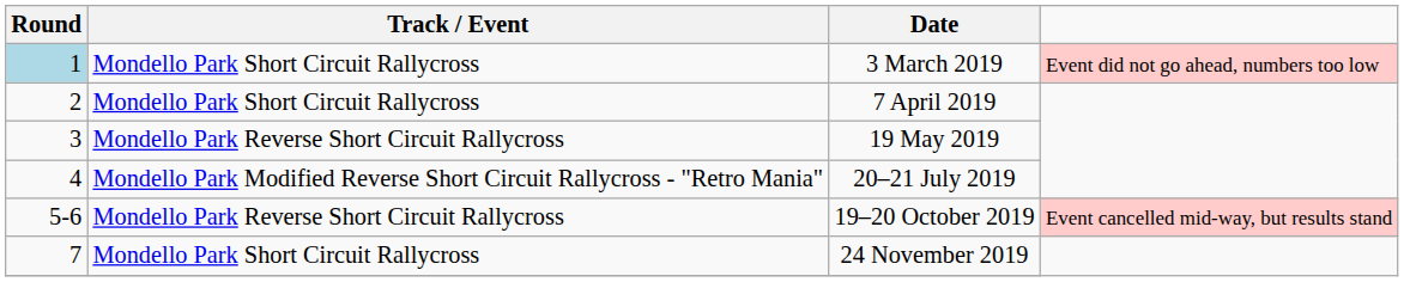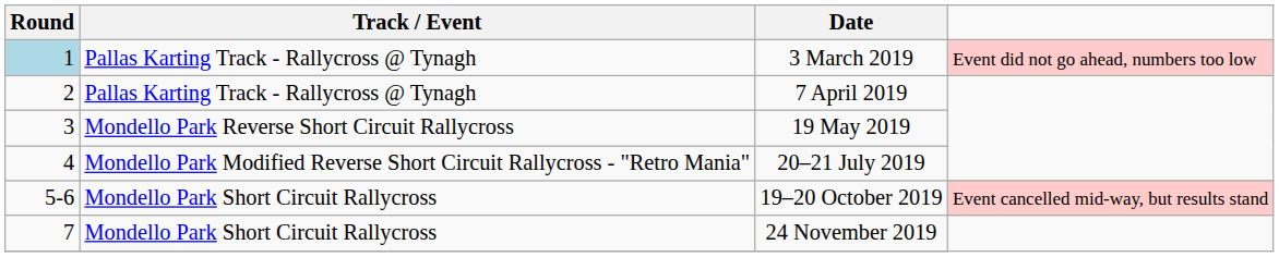 <table class="wikitable" style="text–align:centre">
 <tr>
 <th>Round</th>
 <th>Track / Event</th>
 <th>Date</th>
 </tr>
 <tr>
 <td align="right" style="background: lightblue;">1</td>
-<td align="left"><a href='#'>Mondello Park</a> Short Circuit Rallycross</td>
+<td align="left"><a href='#'>Pallas Karting</a> Track - Rallycross @ Tynagh</td>
 <td align="center">3 March 2019</td>
 <td style="background:#ffcccb;"><small>Event did not go ahead, numbers too low</small></td>
 </tr>
 <tr>
 <td align="right">2</td>
-<td align="left"><a href='#'>Mondello Park</a> Short Circuit Rallycross</td>
+<td align="left"><a href='#'>Pallas Karting</a> Track - Rallycross @ Tynagh</td>
 <td align="center">7 April 2019</td>
 </tr>
 <tr>
 <td align="right">3</td>
 <td align="left"><a href='#'>Mondello Park</a> Reverse Short Circuit Rallycross</td>
 <td align="center">19 May 2019</td>
 </tr>
 <tr>
 <td align="right">4</td>
 <td align="left"><a href='#'>Mondello Park</a> Modified Reverse Short Circuit Rallycross - "Retro Mania"</td>
 <td align="center">20–21 July 2019</td>
 </tr>
 <tr>
 <td align="right">5-6</td>
-<td align="left"><a href='#'>Mondello Park</a> Reverse Short Circuit Rallycross</td>
+<td align="left"><a href='#'>Mondello Park</a> Short Circuit Rallycross</td>
 <td align="center">19–20 October 2019</td>
 <td style="background:#ffcccb;"><small>Event cancelled mid-way, but results stand</small></td>
 </tr>
 <tr>
 <td align="right">7</td>
 <td align="left"><a href='#'>Mondello Park</a> Short Circuit Rallycross</td>
 <td align="center">24 November 2019</td>
 </tr>
 <tr>
 </tr>
 </table>
